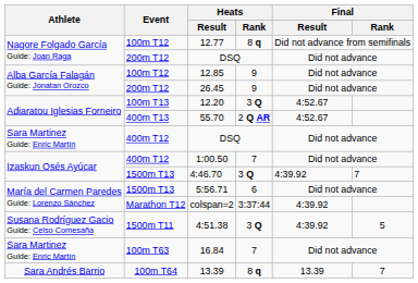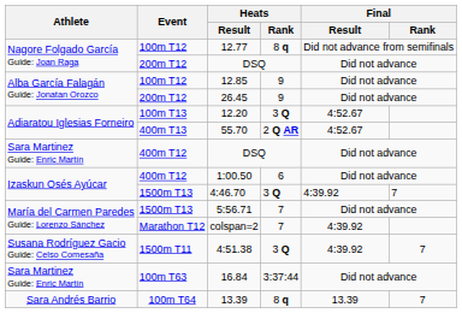 <table class=wikitable style="font-size:90%">
 <tr>
 <th rowspan="2">Athlete</th>
 <th rowspan="2">Event</th>
 <th colspan="2">Heats</th>
 <th colspan="3">Final</th>
 </tr>
 <tr>
 <th>Result</th>
 <th>Rank</th>
 <th>Result</th>
 <th>Rank</th>
 </tr>
 <tr align=center>
 <td align=left rowspan=2><a href='#'>Nagore Folgado García</a><br><small>Guide: <a href='#'>Joan Raga</a></small></td>
 <td align=left><a href='#'>100m T12</a></td>
 <td>12.77</td>
 <td>8 <strong>q</strong></td>
 <td colspan="2">Did not advance from semifinals</td>
 </tr>
 <tr align=center>
 <td align=left><a href='#'>200m T12</a></td>
 <td colspan="2">DSQ</td>
 <td colspan="2">Did not advance</td>
 </tr>
 <tr align=center>
 <td align=left rowspan=2><a href='#'>Alba García Falagán</a><br><small>Guide: <a href='#'>Jonatan Orozco</a></small></td>
 <td align=left><a href='#'>100m T12</a></td>
 <td>12.85</td>
 <td>9</td>
 <td colspan="2">Did not advance</td>
 </tr>
 <tr align=center>
 <td align=left><a href='#'>200m T12</a></td>
 <td>26.45</td>
 <td>9</td>
 <td colspan="2">Did not advance</td>
 </tr>
 <tr align=center>
 <td align=left rowspan=2><a href='#'>Adiaratou Iglesias Forneiro</a></td>
 <td align=left><a href='#'>100m T13</a></td>
 <td>12.20</td>
 <td>3 <strong>Q</strong></td>
 <td>4:52.67</td>
 <td></td>
 </tr>
 <tr align=center>
 <td align=left><a href='#'>400m T13</a></td>
 <td>55.70</td>
 <td>2 <strong>Q</strong> <strong><a href='#'>AR</a></strong></td>
 <td>4:52.67</td>
 <td></td>
 </tr>
 <tr align=center>
 <td align=left><a href='#'>Sara Martinez</a><br><small>Guide: <a href='#'>Enric Martín</a></small></td>
 <td align=left><a href='#'>400m T12</a></td>
 <td colspan="2">DSQ</td>
 <td colspan="2">Did not advance</td>
 </tr>
 <tr align="center">
 <td rowspan="2" align="left"><a href='#'>Izaskun Osés Ayúcar</a></td>
 <td align=left><a href='#'>400m T12</a></td>
 <td>1:00.50</td>
-<td>7</td>
+<td>6</td>
 <td colspan="2">Did not advance</td>
 </tr>
 <tr>
 <td align="left"><a href='#'>1500m T13</a></td>
 <td>4:46.70</td>
 <td>3 <strong>Q</strong></td>
 <td>4:39.92</td>
 <td>7</td>
 </tr>
 <tr align=center>
 <td rowspan="2" align="left"><a href='#'>María del Carmen Paredes</a><br><small>Guide: <a href='#'>Lorenzo Sánchez</a></small></td>
 <td align=left><a href='#'>1500m T13</a></td>
 <td>5:56.71</td>
-<td>6</td>
+<td>7</td>
 <td colspan="2">Did not advance</td>
 </tr>
 <tr align=center>
 <td align=left><a href='#'>Marathon T12</a></td>
 <td>colspan=2 </td>
-<td>3:37:44</td>
+<td>7</td>
 <td>4:39.92</td>
 </tr>
 <tr align=center>
 <td align=left><a href='#'>Susana Rodríguez Gacio</a><br><small>Guide: <a href='#'>Celso Comesaña</a></small></td>
 <td align=left><a href='#'>1500m T11</a></td>
 <td>4:51.38</td>
 <td>3 <strong>Q</strong></td>
 <td>4:39.92</td>
-<td>5</td>
+<td>7</td>
 </tr>
 <tr align=center>
 <td align=left><a href='#'>Sara Martinez</a><br><small>Guide: <a href='#'>Enric Martín</a></small></td>
 <td align=left><a href='#'>100m T63</a></td>
 <td>16.84</td>
-<td>7</td>
+<td>3:37:44</td>
 <td colspan="2">Did not advance</td>
 </tr>
 <tr align=center>
 <td><a href='#'>Sara Andrés Barrio</a></td>
 <td><a href='#'>100m T64</a></td>
 <td>13.39</td>
 <td>8 <strong>q</strong></td>
 <td>13.39</td>
 <td>7</td>
 </tr>
 </table>
